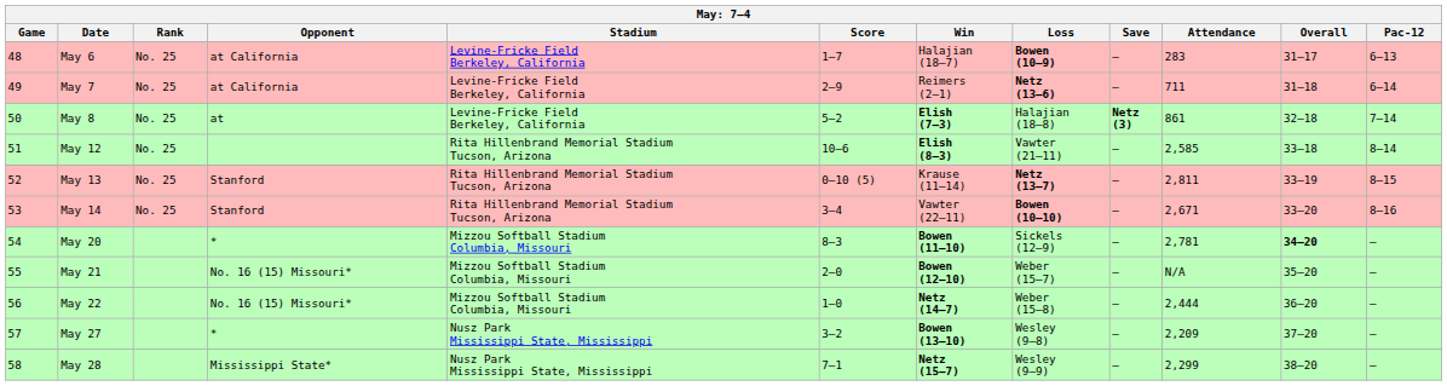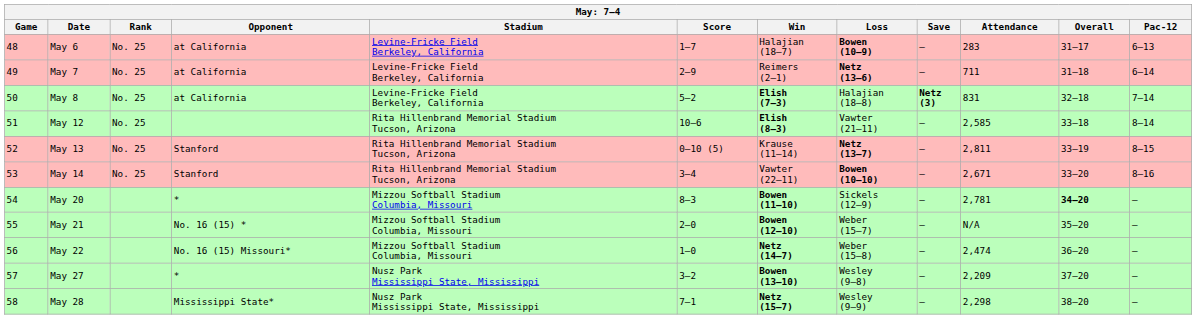 <table class="wikitable collapsible collapsed" style="margin:auto; font-size:95%; width:100%">
 <tr>
 <th colspan=12>May: 7–4</th>
 </tr>
 <tr>
 <th>Game</th>
 <th>Date</th>
 <th>Rank</th>
 <th>Opponent</th>
 <th>Stadium</th>
 <th>Score</th>
 <th>Win</th>
 <th>Loss</th>
 <th>Save</th>
 <th>Attendance</th>
 <th>Overall</th>
 <th>Pac-12</th>
 </tr>
 <tr style="background:#fbb;">
 <td>48</td>
 <td>May 6</td>
 <td>No. 25</td>
 <td>at California</td>
 <td><a href='#'>Levine-Fricke Field</a><br><a href='#'>Berkeley, California</a></td>
 <td>1–7</td>
 <td>Halajian <br>(18–7)</td>
 <td><strong>Bowen<br>(10–9)</strong></td>
 <td>—</td>
 <td>283</td>
 <td>31–17</td>
 <td>6–13</td>
 </tr>
 <tr style="background:#fbb;">
 <td>49</td>
 <td>May 7</td>
 <td>No. 25</td>
 <td>at California</td>
 <td>Levine-Fricke Field<br>Berkeley, California</td>
 <td>2–9</td>
 <td>Reimers <br>(2–1)</td>
 <td><strong>Netz<br>(13–6)</strong></td>
 <td>—</td>
 <td>711</td>
 <td>31–18</td>
 <td>6–14</td>
 </tr>
 <tr style="background:#bfb;">
 <td>50</td>
 <td>May 8</td>
 <td>No. 25</td>
-<td>at </td>
+<td>at California</td>
 <td>Levine-Fricke Field<br>Berkeley, California</td>
 <td>5–2</td>
 <td><strong>Elish<br>(7–3)</strong></td>
 <td>Halajian <br>(18–8)</td>
 <td><strong>Netz<br>(3)</strong></td>
-<td>861</td>
+<td>831</td>
 <td>32–18</td>
 <td>7–14</td>
 </tr>
 <tr style="background:#bfb;">
 <td>51</td>
 <td>May 12</td>
 <td>No. 25</td>
 <td></td>
 <td>Rita Hillenbrand Memorial Stadium<br>Tucson, Arizona</td>
 <td>10–6</td>
 <td><strong>Elish<br>(8–3)</strong></td>
 <td>Vawter <br>(21–11)</td>
 <td>—</td>
 <td>2,585</td>
 <td>33–18</td>
 <td>8–14</td>
 </tr>
 <tr style="background:#fbb;">
 <td>52</td>
 <td>May 13</td>
 <td>No. 25</td>
 <td>Stanford</td>
 <td>Rita Hillenbrand Memorial Stadium<br>Tucson, Arizona</td>
 <td>0–10 (5)</td>
 <td>Krause <br>(11–14)</td>
 <td><strong>Netz<br>(13–7)</strong></td>
 <td>—</td>
 <td>2,811</td>
 <td>33–19</td>
 <td>8–15</td>
 </tr>
 <tr style="background:#fbb;">
 <td>53</td>
 <td>May 14</td>
 <td>No. 25</td>
 <td>Stanford</td>
 <td>Rita Hillenbrand Memorial Stadium<br>Tucson, Arizona</td>
 <td>3–4</td>
 <td>Vawter <br>(22–11)</td>
 <td><strong>Bowen<br>(10–10)</strong></td>
 <td>—</td>
 <td>2,671</td>
 <td>33–20</td>
 <td>8–16</td>
 </tr>
 <tr style="background:#bfb;">
 <td>54</td>
 <td>May 20</td>
 <td></td>
 <td>*</td>
 <td>Mizzou Softball Stadium<br><a href='#'>Columbia, Missouri</a></td>
 <td>8–3</td>
 <td><strong>Bowen<br>(11–10)</strong></td>
 <td>Sickels <br>(12–9)</td>
 <td>—</td>
 <td>2,781</td>
 <td><strong>34–20</strong></td>
 <td>–</td>
 </tr>
 <tr style="background:#bfb;">
 <td>55</td>
 <td>May 21</td>
 <td></td>
-<td>No. 16 (15) Missouri*</td>
+<td>No. 16 (15) *</td>
 <td>Mizzou Softball Stadium<br>Columbia, Missouri</td>
 <td>2–0</td>
 <td><strong>Bowen<br>(12–10)</strong></td>
 <td>Weber <br>(15–7)</td>
 <td>—</td>
 <td>N/A</td>
 <td>35–20</td>
 <td>–</td>
 </tr>
 <tr style="background:#bfb;">
 <td>56</td>
 <td>May 22</td>
 <td></td>
 <td>No. 16 (15) Missouri*</td>
 <td>Mizzou Softball Stadium<br>Columbia, Missouri</td>
 <td>1–0</td>
 <td><strong>Netz<br>(14–7)</strong></td>
 <td>Weber <br>(15–8)</td>
 <td>—</td>
-<td>2,444</td>
+<td>2,474</td>
 <td>36–20</td>
 <td>–</td>
 </tr>
 <tr style="background:#bfb;">
 <td>57</td>
 <td>May 27</td>
 <td></td>
 <td>*</td>
 <td>Nusz Park<br><a href='#'>Mississippi State, Mississippi</a></td>
 <td>3–2</td>
 <td><strong>Bowen<br>(13–10)</strong></td>
 <td>Wesley <br>(9–8)</td>
 <td>—</td>
 <td>2,209</td>
 <td>37–20</td>
 <td>–</td>
 </tr>
 <tr style="background:#bfb;">
 <td>58</td>
 <td>May 28</td>
 <td></td>
 <td>Mississippi State*</td>
 <td>Nusz Park<br>Mississippi State, Mississippi</td>
 <td>7–1</td>
 <td><strong>Netz<br>(15–7)</strong></td>
 <td>Wesley <br>(9–9)</td>
 <td>—</td>
-<td>2,299</td>
+<td>2,298</td>
 <td>38–20</td>
 <td>–</td>
 </tr>
 </table>
